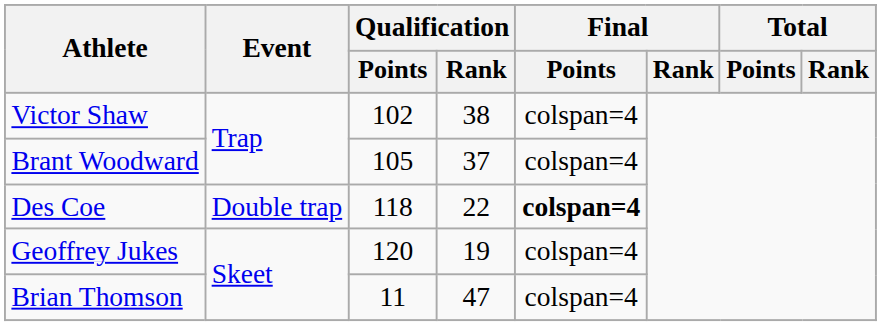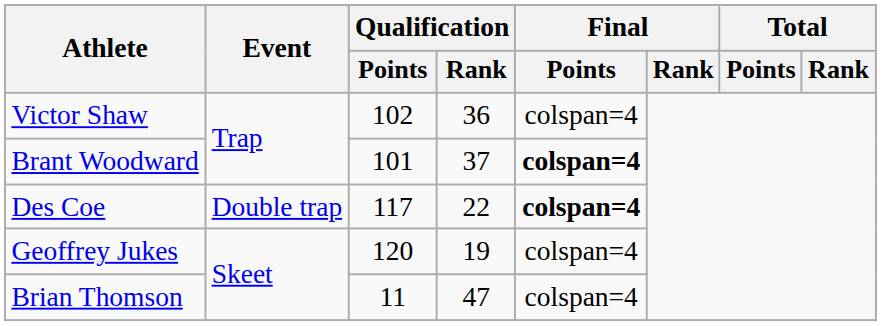 <table class=wikitable style=font-size:90%;text-align:center>
 <tr>
 <th rowspan=2>Athlete</th>
 <th rowspan=2>Event</th>
 <th colspan=2>Qualification</th>
 <th colspan=2>Final</th>
 <th colspan=2>Total</th>
 </tr>
 <tr style=font-size:95%>
 <th>Points</th>
 <th>Rank</th>
 <th>Points</th>
 <th>Rank</th>
 <th>Points</th>
 <th>Rank</th>
 </tr>
 <tr>
 <td align=left><a href='#'>Victor Shaw</a></td>
 <td align=left rowspan=2><a href='#'>Trap</a></td>
 <td>102</td>
-<td>38</td>
+<td>36</td>
 <td>colspan=4 </td>
 </tr>
 <tr>
 <td align=left><a href='#'>Brant Woodward</a></td>
-<td>105</td>
+<td>101</td>
 <td>37</td>
-<td>colspan=4 </td>
+<td><strong>colspan=4 </strong></td>
 </tr>
 <tr>
 <td align=left><a href='#'>Des Coe</a></td>
 <td align=left><a href='#'>Double trap</a></td>
-<td>118</td>
+<td>117</td>
 <td>22</td>
 <td><strong>colspan=4 </strong></td>
 </tr>
 <tr>
 <td align=left><a href='#'>Geoffrey Jukes</a></td>
 <td align=left rowspan=2><a href='#'>Skeet</a></td>
 <td>120</td>
 <td>19</td>
 <td>colspan=4 </td>
 </tr>
 <tr>
 <td align=left><a href='#'>Brian Thomson</a></td>
 <td>11</td>
 <td>47</td>
 <td>colspan=4 </td>
 </tr>
 </table>
